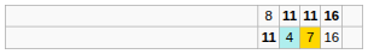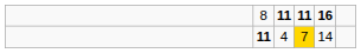 <table class="wikitable">
 <tr>
 <td style="width:18em"><strong></strong></td>
 <td align=center style="width:1em">8</td>
 <td align=center style="width:1em"><strong>11</strong></td>
 <td align=center style="width:1em"><strong>11</strong></td>
 <td align=center style="width:1em"><strong>16</strong></td>
 <td align=center style="width:1em"></td>
 </tr>
 <tr>
 <td style="width:18em"></td>
 <td align=center style="width:1em"><strong>11</strong></td>
-<td align=center style="background: paleturquoise; width:1em">4</td>
+<td align=center style="width:1em">4</td>
 <td align=center style="background: gold; width:1em">7</td>
-<td align=center style="width:1em">16</td>
+<td align=center style="width:1em">14</td>
 <td align=center style="width:1em"></td>
 </tr>
 </table>
